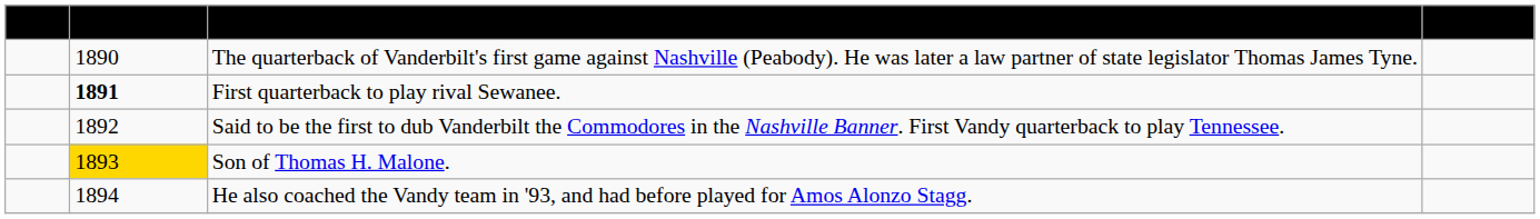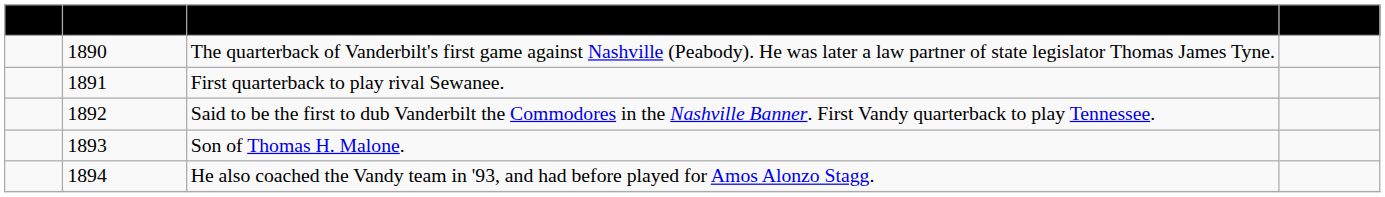 <table class="wikitable sortable" style="text-align:left;">
 <tr>
 <th style="background:#000000;"><span>Name</span></th>
 <th style="background:#000000;"><span>Years Started</span></th>
 <th style="background:#000000;"><span>Notability</span></th>
 <th style="background:#000000;"><span>References</span></th>
 </tr>
 <tr>
 <td></td>
 <td>1890</td>
 <td>The quarterback of Vanderbilt's first game against <a href='#'>Nashville</a> (Peabody). He was later a law partner of state legislator Thomas James Tyne.</td>
 <td></td>
 </tr>
 <tr>
 <td></td>
-<td><strong>1891</strong></td>
+<td>1891</td>
 <td>First quarterback to play rival Sewanee.</td>
 <td></td>
 </tr>
 <tr>
 <td></td>
 <td>1892</td>
 <td>Said to be the first to dub Vanderbilt the <a href='#'>Commodores</a> in the <em><a href='#'>Nashville Banner</a></em>. First Vandy quarterback to play <a href='#'>Tennessee</a>.</td>
 <td></td>
 </tr>
 <tr>
 <td></td>
-<td style="background: gold;">1893</td>
+<td>1893</td>
 <td>Son of <a href='#'>Thomas H. Malone</a>.</td>
 <td></td>
 </tr>
 <tr>
 <td></td>
 <td>1894</td>
 <td>He also coached the Vandy team in '93, and had before played for <a href='#'>Amos Alonzo Stagg</a>.</td>
 <td></td>
 </tr>
 <tr>
 </tr>
 </table>
